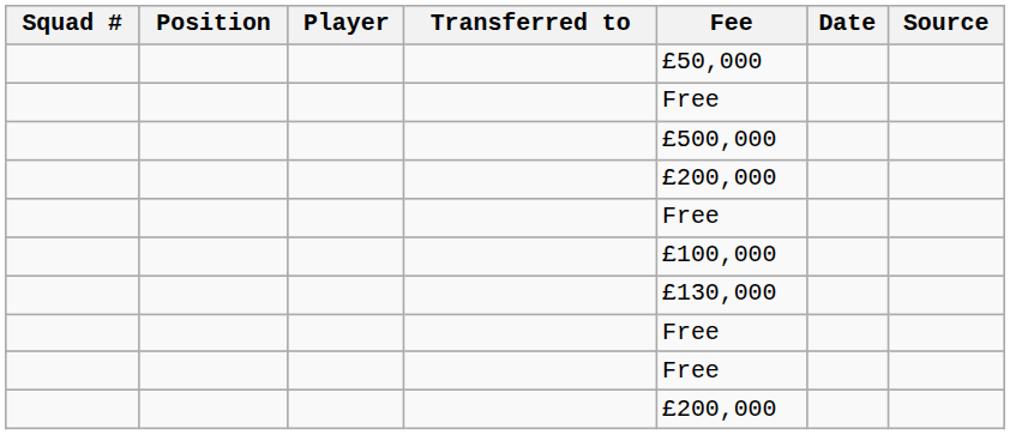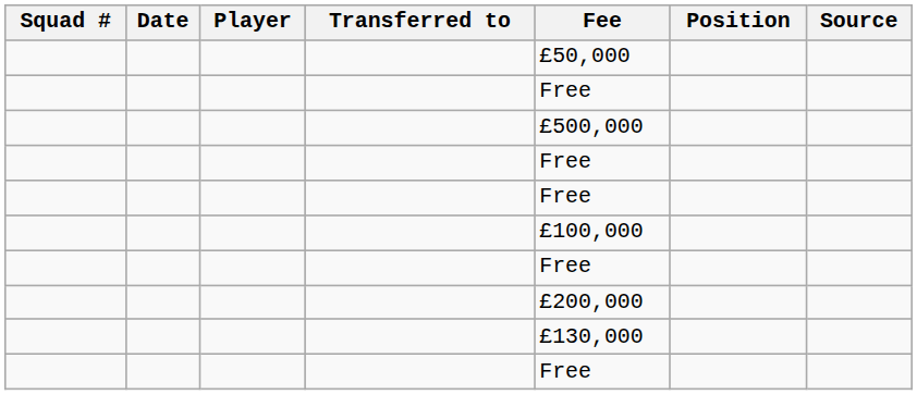 <table width=83% class="wikitable sortable" style="text-align:center; font-size:95%; text-align:left">
 <tr>
 <th><strong>Squad #</strong></th>
-<th><strong>Position</strong></th>
+<th><strong>Date</strong></th>
 <th><strong>Player</strong></th>
 <th><strong>Transferred to</strong></th>
 <th><strong>Fee</strong></th>
-<th><strong>Date</strong></th>
+<th><strong>Position</strong></th>
 <th><strong>Source</strong></th>
 </tr>
 <tr>
 <td></td>
 <td></td>
 <td></td>
 <td></td>
 <td>£50,000</td>
 <td></td>
 <td></td>
 </tr>
 <tr>
 <td></td>
 <td></td>
 <td></td>
 <td></td>
 <td>Free</td>
 <td></td>
 <td></td>
 </tr>
 <tr>
 <td></td>
 <td></td>
 <td></td>
 <td></td>
 <td>£500,000</td>
 <td></td>
 <td></td>
 </tr>
 <tr>
 <td></td>
 <td></td>
 <td></td>
 <td></td>
-<td>£200,000</td>
+<td>Free</td>
 <td></td>
 <td></td>
 </tr>
 <tr>
 <td></td>
 <td></td>
 <td></td>
 <td></td>
 <td>Free</td>
 <td></td>
 <td></td>
 </tr>
 <tr>
 <td></td>
 <td></td>
 <td></td>
 <td></td>
 <td>£100,000</td>
 <td></td>
 <td></td>
 </tr>
 <tr>
 <td></td>
 <td></td>
 <td></td>
 <td></td>
+<td>Free</td>
+<td></td>
+<td></td>
+</tr>
+<tr>
+<td></td>
+<td></td>
+<td></td>
+<td></td>
+<td>£200,000</td>
+<td></td>
+<td></td>
+</tr>
+<tr>
+<td></td>
+<td></td>
+<td></td>
+<td></td>
 <td>£130,000</td>
 <td></td>
 <td></td>
 </tr>
 <tr>
 <td></td>
 <td></td>
 <td></td>
 <td></td>
 <td>Free</td>
 <td></td>
 <td></td>
 </tr>
-<tr>
-<td></td>
-<td></td>
-<td></td>
-<td></td>
-<td>Free</td>
-<td></td>
-<td></td>
-</tr>
-<tr>
-<td></td>
-<td></td>
-<td></td>
-<td></td>
-<td>£200,000</td>
-<td></td>
-<td></td>
-</tr>
 </table>
